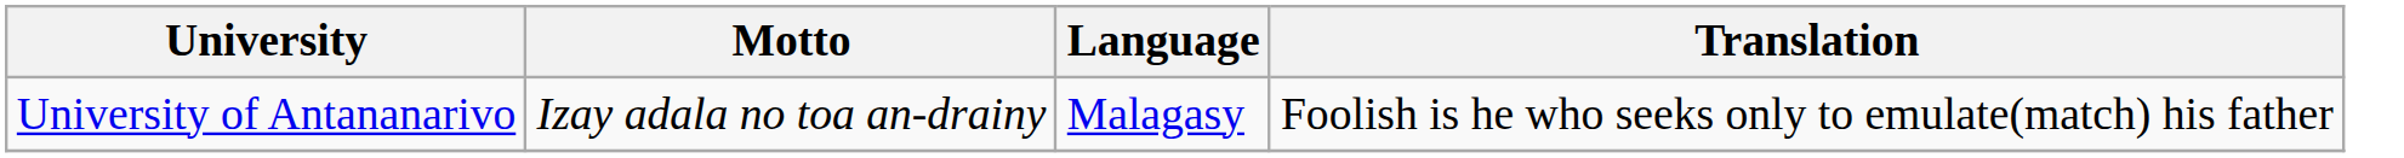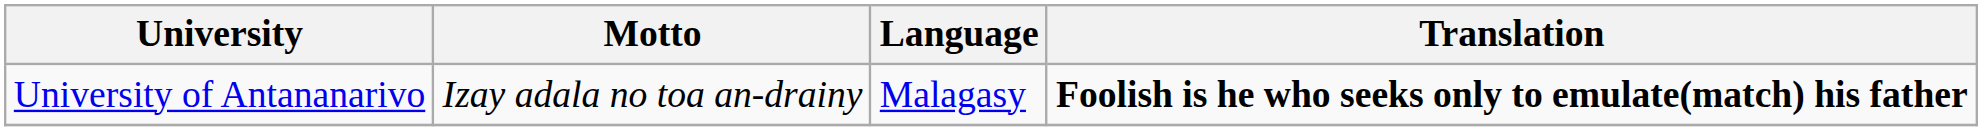 <table class="wikitable sortable plainrowheaders">
 <tr>
 <th>University</th>
 <th>Motto</th>
 <th>Language</th>
 <th>Translation</th>
 </tr>
 <tr>
 <td><a href='#'>University of Antananarivo</a></td>
 <td><em>Izay adala no toa an-drainy</em></td>
 <td><a href='#'>Malagasy</a></td>
-<td>Foolish is he who seeks only to emulate(match) his father</td>
+<td><strong>Foolish is he who seeks only to emulate(match) his father</strong></td>
 </tr>
 <tr>
 </tr>
 </table>
